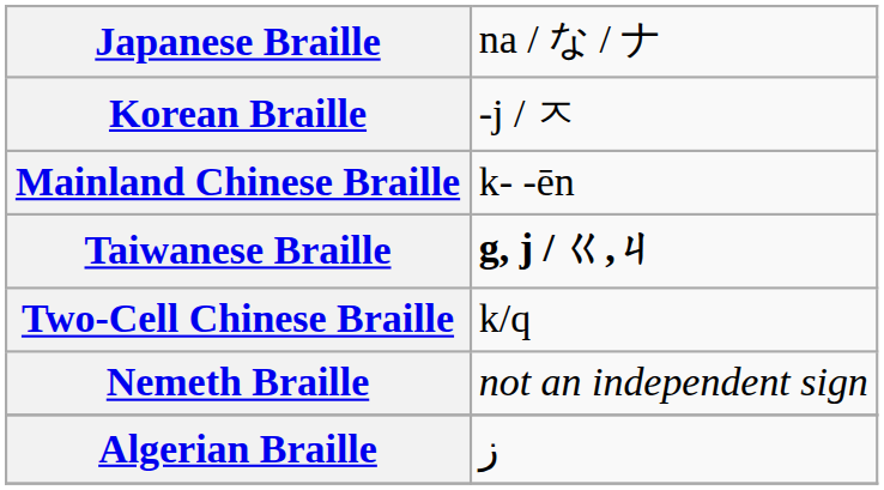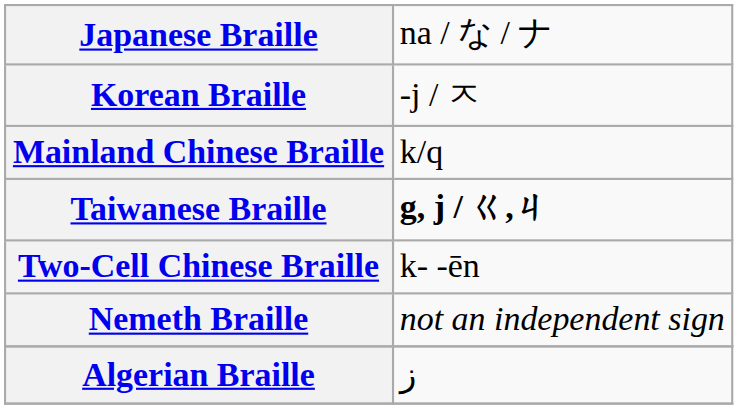 <table class="wikitable">
 <tr>
 <th align=left><a href='#'>Japanese Braille</a></th>
 <td>na / な / ナ </td>
 </tr>
 <tr>
 <th align=left><a href='#'>Korean Braille</a></th>
 <td>-j / ㅈ </td>
 </tr>
 <tr>
 <th align=left><a href='#'>Mainland Chinese Braille</a></th>
-<td>k- -ēn</td>
+<td>k/q </td>
 </tr>
 <tr>
 <th align=left><a href='#'>Taiwanese Braille</a></th>
 <td><strong>g, j / ㄍ,ㄐ</strong></td>
 </tr>
 <tr>
 <th align=left><a href='#'>Two-Cell Chinese Braille</a></th>
-<td>k/q </td>
+<td>k- -ēn</td>
 </tr>
 <tr>
 <th align=left><a href='#'>Nemeth Braille</a></th>
 <td><em>not an independent sign</em> </td>
 </tr>
 <tr>
 </tr>
 <tr>
 <th align=left><a href='#'>Algerian Braille</a></th>
 <td>ز ‎</td>
 </tr>
 <tr>
 </tr>
 </table>
